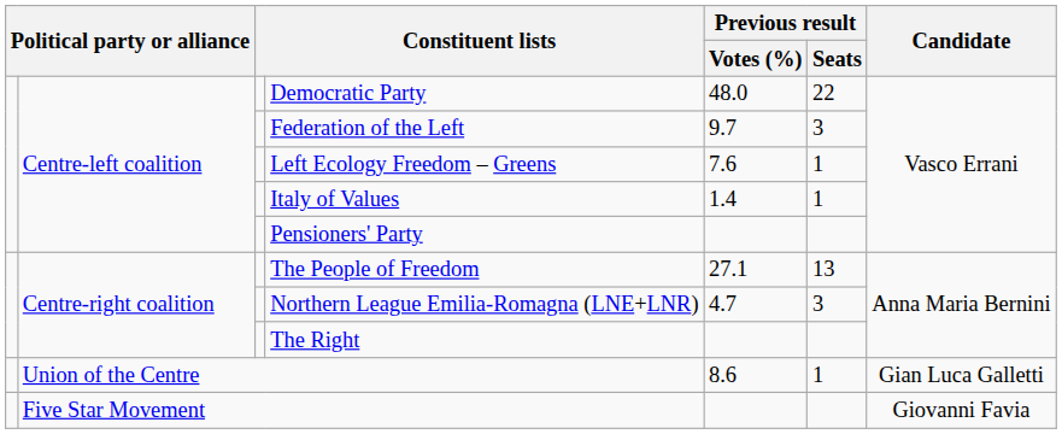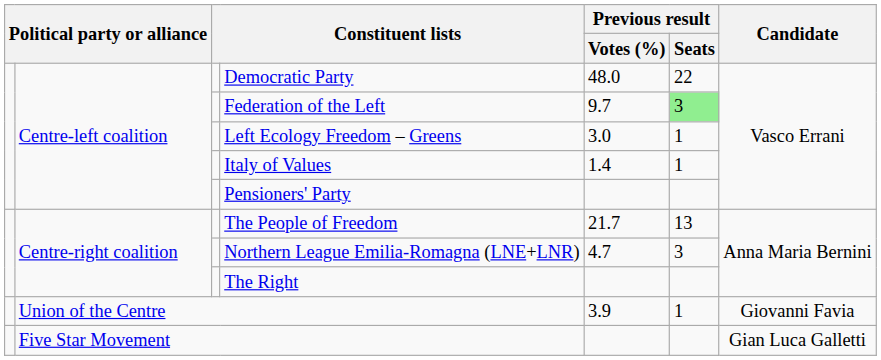 <table class="wikitable" style="text-align:left">
 <tr>
 <th colspan=2 rowspan="2">Political party or alliance</th>
 <th colspan=2 rowspan="2">Constituent lists</th>
 <th colspan="2">Previous result</th>
 <th rowspan="2">Candidate</th>
 </tr>
 <tr>
 <th>Votes (%)</th>
 <th>Seats</th>
 </tr>
 <tr>
 <td rowspan="5"></td>
 <td rowspan="5"><a href='#'>Centre-left coalition</a></td>
 <td></td>
 <td style="text-align:left;"><a href='#'>Democratic Party</a></td>
 <td>48.0</td>
 <td>22</td>
 <td rowspan="5" style="text-align: center;">Vasco Errani</td>
 </tr>
 <tr>
 <td></td>
 <td><a href='#'>Federation of the Left</a></td>
 <td>9.7</td>
-<td>3</td>
+<td style="background: lightgreen;">3</td>
 </tr>
 <tr>
 <td></td>
 <td><a href='#'>Left Ecology Freedom</a> – <a href='#'>Greens</a></td>
-<td>7.6</td>
+<td>3.0</td>
 <td>1</td>
 </tr>
 <tr>
 <td></td>
 <td><a href='#'>Italy of Values</a></td>
 <td>1.4</td>
 <td>1</td>
 </tr>
 <tr>
 <td></td>
 <td><a href='#'>Pensioners' Party</a></td>
 <td></td>
 <td></td>
 </tr>
 <tr>
 <td rowspan="3" style="background:"></td>
 <td rowspan=3><a href='#'>Centre-right coalition</a></td>
 <td></td>
 <td style="text-align:left;"><a href='#'>The People of Freedom</a></td>
-<td>27.1</td>
+<td>21.7</td>
 <td>13</td>
 <td rowspan="3" style="text-align: center;">Anna Maria Bernini</td>
 </tr>
 <tr>
 <td></td>
 <td style="text-align:left;"><a href='#'>Northern League Emilia-Romagna</a> (<a href='#'>LNE</a>+<a href='#'>LNR</a>)</td>
 <td>4.7</td>
 <td>3</td>
 </tr>
 <tr>
 <td></td>
 <td style="text-align:left;"><a href='#'>The Right</a></td>
 <td></td>
 <td></td>
 </tr>
 <tr>
 <td></td>
 <td colspan="3"><a href='#'>Union of the Centre</a></td>
-<td>8.6</td>
+<td>3.9</td>
 <td>1</td>
-<td style="text-align: center;">Gian Luca Galletti</td>
+<td style="text-align: center;">Giovanni Favia</td>
 </tr>
 <tr>
 <td></td>
 <td colspan="3"><a href='#'>Five Star Movement</a></td>
 <td></td>
 <td></td>
-<td style="text-align: center;">Giovanni Favia</td>
+<td style="text-align: center;">Gian Luca Galletti</td>
 </tr>
 </table>
